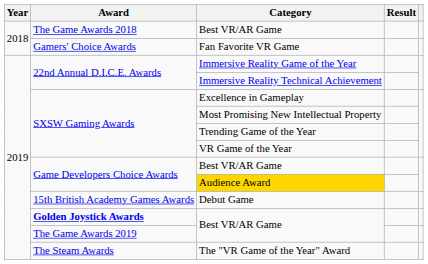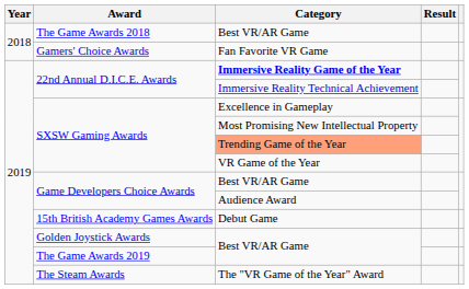 <table class="wikitable sortable">
 <tr>
 <th>Year</th>
 <th>Award</th>
 <th>Category</th>
 <th>Result</th>
 <th></th>
 </tr>
 <tr>
 <td style="text-align:center;" rowspan="2">2018</td>
 <td><a href='#'>The Game Awards 2018</a></td>
 <td>Best VR/AR Game</td>
 <td></td>
 <td style="text-align:center;"></td>
 </tr>
 <tr>
 <td><a href='#'>Gamers' Choice Awards</a></td>
 <td>Fan Favorite VR Game</td>
 <td></td>
 <td style="text-align:center;"></td>
 </tr>
 <tr>
 <td rowspan="12">2019</td>
 <td rowspan="2"><a href='#'>22nd Annual D.I.C.E. Awards</a></td>
-<td><a href='#'>Immersive Reality Game of the Year</a></td>
+<td><strong><a href='#'>Immersive Reality Game of the Year</a></strong></td>
 <td></td>
 <td rowspan="2" style="text-align:center;"></td>
 </tr>
 <tr>
 <td><a href='#'>Immersive Reality Technical Achievement</a></td>
 <td></td>
 </tr>
 <tr>
 <td rowspan="4"><a href='#'>SXSW Gaming Awards</a></td>
 <td>Excellence in Gameplay</td>
 <td></td>
 <td rowspan="4" style="text-align:center;"></td>
 </tr>
 <tr>
 <td>Most Promising New Intellectual Property</td>
 <td></td>
 </tr>
 <tr>
-<td>Trending Game of the Year</td>
+<td style="background: lightsalmon;">Trending Game of the Year</td>
 <td></td>
 </tr>
 <tr>
 <td>VR Game of the Year</td>
 <td></td>
 </tr>
 <tr>
 <td rowspan="2"><a href='#'>Game Developers Choice Awards</a></td>
 <td>Best VR/AR Game</td>
 <td></td>
 <td rowspan="2" style="text-align:center;"></td>
 </tr>
 <tr>
-<td style="background: gold;">Audience Award</td>
+<td>Audience Award</td>
 <td></td>
 </tr>
 <tr>
 <td><a href='#'>15th British Academy Games Awards</a></td>
 <td>Debut Game</td>
 <td></td>
 <td style="text-align:center;"></td>
 </tr>
 <tr>
-<td><strong><a href='#'>Golden Joystick Awards</a></strong></td>
+<td><a href='#'>Golden Joystick Awards</a></td>
 <td rowspan="2">Best VR/AR Game</td>
 <td></td>
 <td style="text-align:center;"></td>
 </tr>
 <tr>
 <td><a href='#'>The Game Awards 2019</a></td>
 <td></td>
 <td style="text-align:center;"></td>
 </tr>
 <tr>
 <td><a href='#'>The Steam Awards</a></td>
 <td>The "VR Game of the Year" Award</td>
 <td></td>
 <td style="text-align:center;"></td>
 </tr>
 </table>
